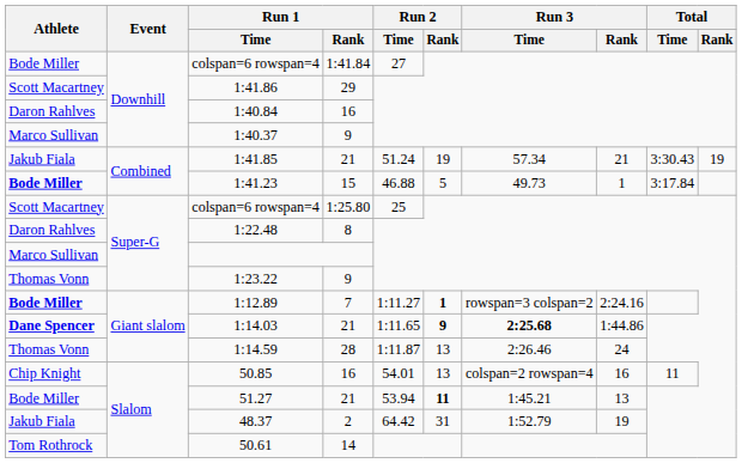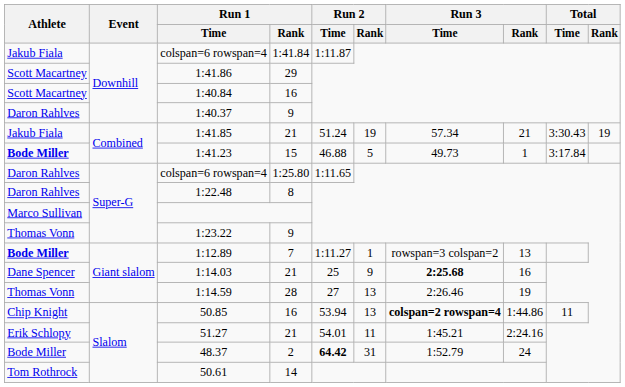 <table class=wikitable style=font-size:90%;text-align:center>
 <tr>
 <th rowspan=2>Athlete</th>
 <th rowspan=2>Event</th>
 <th colspan=2>Run 1</th>
 <th colspan=2>Run 2</th>
 <th colspan=2>Run 3</th>
 <th colspan=2>Total</th>
 </tr>
 <tr style=font-size:95%>
 <th>Time</th>
 <th>Rank</th>
 <th>Time</th>
 <th>Rank</th>
 <th>Time</th>
 <th>Rank</th>
 <th>Time</th>
 <th>Rank</th>
 </tr>
 <tr>
-<td align=left><a href='#'>Bode Miller</a></td>
+<td align=left><a href='#'>Jakub Fiala</a></td>
 <td align=left rowspan=4><a href='#'>Downhill</a></td>
 <td>colspan=6 rowspan=4 </td>
 <td>1:41.84</td>
-<td>27</td>
+<td>1:11.87</td>
 </tr>
 <tr>
 <td align=left><a href='#'>Scott Macartney</a></td>
 <td>1:41.86</td>
 <td>29</td>
 </tr>
 <tr>
-<td align=left><a href='#'>Daron Rahlves</a></td>
+<td align=left><a href='#'>Scott Macartney</a></td>
 <td>1:40.84</td>
 <td>16</td>
 </tr>
 <tr>
-<td align=left><a href='#'>Marco Sullivan</a></td>
+<td align=left><a href='#'>Daron Rahlves</a></td>
 <td>1:40.37</td>
 <td>9</td>
 </tr>
 <tr>
 <td align=left><a href='#'>Jakub Fiala</a></td>
 <td align=left rowspan=2><a href='#'>Combined</a></td>
 <td>1:41.85</td>
 <td>21</td>
 <td>51.24</td>
 <td>19</td>
 <td>57.34</td>
 <td>21</td>
 <td>3:30.43</td>
 <td>19</td>
 </tr>
 <tr>
 <td align=left><strong><a href='#'>Bode Miller</a></strong></td>
 <td>1:41.23</td>
 <td>15</td>
 <td>46.88</td>
 <td>5</td>
 <td>49.73</td>
 <td>1</td>
 <td>3:17.84</td>
 <td></td>
 </tr>
 <tr>
-<td align=left><a href='#'>Scott Macartney</a></td>
+<td align=left><a href='#'>Daron Rahlves</a></td>
 <td align=left rowspan=4><a href='#'>Super-G</a></td>
 <td>colspan=6 rowspan=4 </td>
 <td>1:25.80</td>
-<td>25</td>
+<td>1:11.65</td>
 </tr>
 <tr>
 <td align=left><a href='#'>Daron Rahlves</a></td>
 <td>1:22.48</td>
 <td>8</td>
 </tr>
 <tr>
 <td align=left><a href='#'>Marco Sullivan</a></td>
 <td colspan=2></td>
 </tr>
 <tr>
 <td align=left><a href='#'>Thomas Vonn</a></td>
 <td>1:23.22</td>
 <td>9</td>
 </tr>
 <tr>
 <td align=left><strong><a href='#'>Bode Miller</a></strong></td>
 <td align=left rowspan=3><a href='#'>Giant slalom</a></td>
 <td>1:12.89</td>
 <td>7</td>
 <td>1:11.27</td>
-<td><strong>1</strong></td>
+<td>1</td>
 <td>rowspan=3 colspan=2 </td>
-<td>2:24.16</td>
+<td>13</td>
 <td></td>
 </tr>
 <tr>
-<td align=left><strong><a href='#'>Dane Spencer</a></strong></td>
+<td align=left><a href='#'>Dane Spencer</a></td>
 <td>1:14.03</td>
 <td>21</td>
-<td>1:11.65</td>
-<td><strong>9</strong></td>
+<td>25</td>
+<td>9</td>
 <td><strong>2:25.68</strong></td>
-<td>1:44.86</td>
+<td>16</td>
 </tr>
 <tr>
 <td align=left><a href='#'>Thomas Vonn</a></td>
 <td>1:14.59</td>
 <td>28</td>
-<td>1:11.87</td>
+<td>27</td>
 <td>13</td>
 <td>2:26.46</td>
-<td>24</td>
+<td>19</td>
 </tr>
 <tr>
 <td align=left><a href='#'>Chip Knight</a></td>
 <td rowspan="4" align="left"><a href='#'>Slalom</a></td>
 <td>50.85</td>
 <td>16</td>
-<td>54.01</td>
+<td>53.94</td>
 <td>13</td>
-<td>colspan=2 rowspan=4 </td>
-<td>16</td>
+<td><strong>colspan=2 rowspan=4 </strong></td>
+<td>1:44.86</td>
 <td>11</td>
 </tr>
 <tr>
-<td align=left><a href='#'>Bode Miller</a></td>
+<td align=left><a href='#'>Erik Schlopy</a></td>
 <td>51.27</td>
 <td>21</td>
-<td>53.94</td>
-<td><strong>11</strong></td>
+<td>54.01</td>
+<td>11</td>
 <td>1:45.21</td>
-<td>13</td>
+<td>2:24.16</td>
 </tr>
 <tr>
-<td align=left><a href='#'>Jakub Fiala</a></td>
+<td align=left><a href='#'>Bode Miller</a></td>
 <td>48.37</td>
 <td>2</td>
-<td>64.42</td>
+<td><strong>64.42</strong></td>
 <td>31</td>
 <td>1:52.79</td>
-<td>19</td>
+<td>24</td>
 </tr>
 <tr>
 <td align=left><a href='#'>Tom Rothrock</a></td>
 <td>50.61</td>
 <td>14</td>
 <td colspan=2></td>
 <td colspan=2></td>
 </tr>
 </table>
